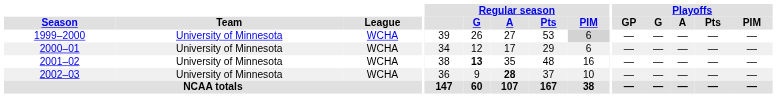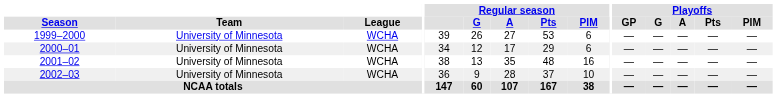 <table border="0" cellpadding="1" cellspacing="0" style="text-align:center; width: 95%">
 <tr bgcolor="#e0e0e0">
 <th colspan="3" bgcolor="#ffffff"></th>
 <th rowspan="97" bgcolor="#ffffff"></th>
 <th colspan="5"><a href='#'>Regular season</a></th>
 <th rowspan="97" bgcolor="#ffffff"></th>
 <th colspan="5"><a href='#'>Playoffs</a></th>
 </tr>
 <tr bgcolor="#e0e0e0">
 <th><a href='#'>Season</a></th>
 <th>Team</th>
 <th>League</th>
 <th></th>
 <th><a href='#'>G</a></th>
 <th><a href='#'>A</a></th>
 <th><a href='#'>Pts</a></th>
 <th><a href='#'>PIM</a></th>
 <th>GP</th>
 <th>G</th>
 <th>A</th>
 <th>Pts</th>
 <th>PIM</th>
 </tr>
 <tr>
 <td><a href='#'>1999–2000</a></td>
 <td><a href='#'>University of Minnesota</a></td>
 <td><a href='#'>WCHA</a></td>
 <td>39</td>
 <td>26</td>
 <td>27</td>
 <td>53</td>
-<td style="background: lightgrey;">6</td>
+<td>6</td>
 <td>—</td>
 <td>—</td>
 <td>—</td>
 <td>—</td>
 <td>—</td>
 </tr>
 <tr bgcolor="#f0f0f0">
 <td><a href='#'>2000–01</a></td>
 <td>University of Minnesota</td>
 <td>WCHA</td>
 <td>34</td>
 <td>12</td>
 <td>17</td>
 <td>29</td>
 <td>6</td>
 <td>—</td>
 <td>—</td>
 <td>—</td>
 <td>—</td>
 <td>—</td>
 </tr>
 <tr>
 <td><a href='#'>2001–02</a></td>
 <td>University of Minnesota</td>
 <td>WCHA</td>
 <td>38</td>
-<td><strong>13</strong></td>
+<td>13</td>
 <td>35</td>
 <td>48</td>
 <td>16</td>
 <td>—</td>
 <td>—</td>
 <td>—</td>
 <td>—</td>
 <td>—</td>
 </tr>
 <tr bgcolor="#f0f0f0">
 <td><a href='#'>2002–03</a></td>
 <td>University of Minnesota</td>
 <td>WCHA</td>
 <td>36</td>
 <td>9</td>
-<td><strong>28</strong></td>
+<td>28</td>
 <td>37</td>
 <td>10</td>
 <td>—</td>
 <td>—</td>
 <td>—</td>
 <td>—</td>
 <td>—</td>
 </tr>
 <tr bgcolor="#e0e0e0">
 <th colspan="3">NCAA totals</th>
 <th>147</th>
 <th>60</th>
 <th>107</th>
 <th>167</th>
 <th>38</th>
 <th>—</th>
 <th>—</th>
 <th>—</th>
 <th>—</th>
 <th>—</th>
 </tr>
 </table>
